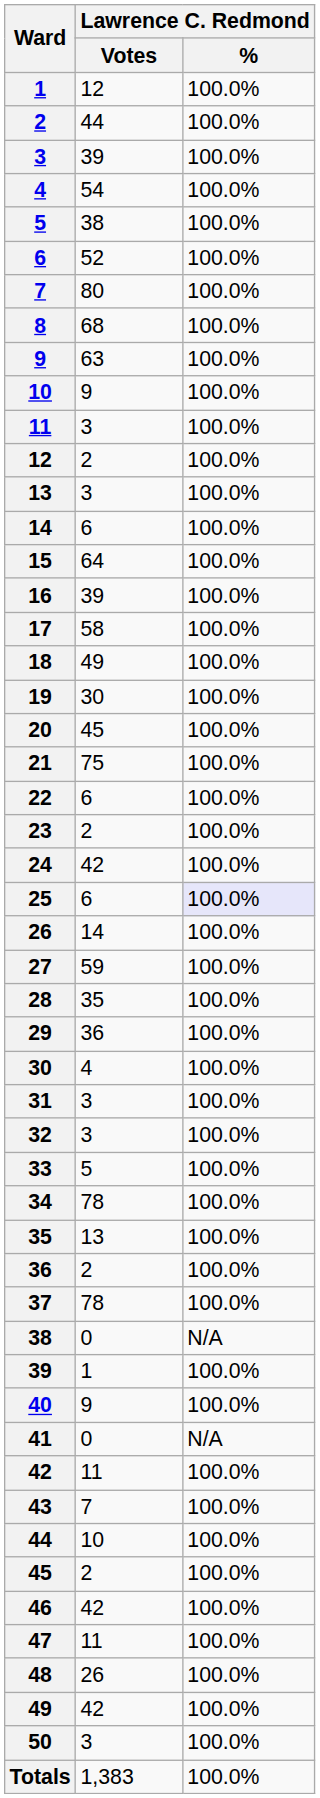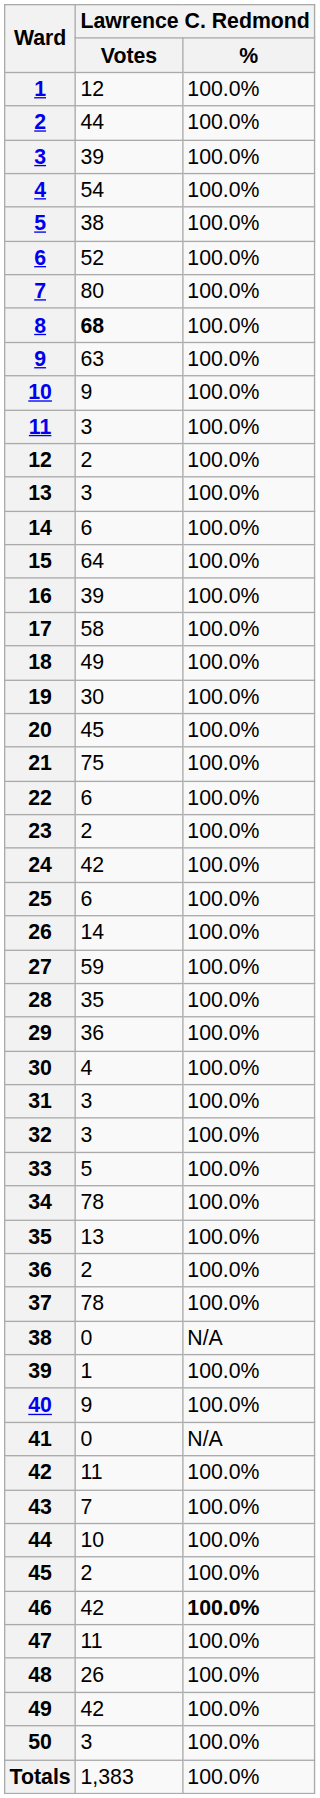 <table class="wikitable collapsible collapsed sortable">
 <tr>
 <th rowspan=2>Ward</th>
 <th colspan=2>Lawrence C. Redmond</th>
 </tr>
 <tr>
 <th>Votes</th>
 <th>%</th>
 </tr>
 <tr>
 <th><a href='#'>1</a></th>
 <td>12</td>
 <td>100.0%</td>
 </tr>
 <tr>
 <th><a href='#'>2</a></th>
 <td>44</td>
 <td>100.0%</td>
 </tr>
 <tr>
 <th><a href='#'>3</a></th>
 <td>39</td>
 <td>100.0%</td>
 </tr>
 <tr>
 <th><a href='#'>4</a></th>
 <td>54</td>
 <td>100.0%</td>
 </tr>
 <tr>
 <th><a href='#'>5</a></th>
 <td>38</td>
 <td>100.0%</td>
 </tr>
 <tr>
 <th><a href='#'>6</a></th>
 <td>52</td>
 <td>100.0%</td>
 </tr>
 <tr>
 <th><a href='#'>7</a></th>
 <td>80</td>
 <td>100.0%</td>
 </tr>
 <tr>
 <th><a href='#'>8</a></th>
-<td>68</td>
+<td><strong>68</strong></td>
 <td>100.0%</td>
 </tr>
 <tr>
 <th><a href='#'>9</a></th>
 <td>63</td>
 <td>100.0%</td>
 </tr>
 <tr>
 <th><a href='#'>10</a></th>
 <td>9</td>
 <td>100.0%</td>
 </tr>
 <tr>
 <th><a href='#'>11</a></th>
 <td>3</td>
 <td>100.0%</td>
 </tr>
 <tr>
 <th>12</th>
 <td>2</td>
 <td>100.0%</td>
 </tr>
 <tr>
 <th>13</th>
 <td>3</td>
 <td>100.0%</td>
 </tr>
 <tr>
 <th>14</th>
 <td>6</td>
 <td>100.0%</td>
 </tr>
 <tr>
 <th>15</th>
 <td>64</td>
 <td>100.0%</td>
 </tr>
 <tr>
 <th>16</th>
 <td>39</td>
 <td>100.0%</td>
 </tr>
 <tr>
 <th>17</th>
 <td>58</td>
 <td>100.0%</td>
 </tr>
 <tr>
 <th>18</th>
 <td>49</td>
 <td>100.0%</td>
 </tr>
 <tr>
 <th>19</th>
 <td>30</td>
 <td>100.0%</td>
 </tr>
 <tr>
 <th>20</th>
 <td>45</td>
 <td>100.0%</td>
 </tr>
 <tr>
 <th>21</th>
 <td>75</td>
 <td>100.0%</td>
 </tr>
 <tr>
 <th>22</th>
 <td>6</td>
 <td>100.0%</td>
 </tr>
 <tr>
 <th>23</th>
 <td>2</td>
 <td>100.0%</td>
 </tr>
 <tr>
 <th>24</th>
 <td>42</td>
 <td>100.0%</td>
 </tr>
 <tr>
 <th>25</th>
 <td>6</td>
-<td style="background: lavender;">100.0%</td>
+<td>100.0%</td>
 </tr>
 <tr>
 <th>26</th>
 <td>14</td>
 <td>100.0%</td>
 </tr>
 <tr>
 <th>27</th>
 <td>59</td>
 <td>100.0%</td>
 </tr>
 <tr>
 <th>28</th>
 <td>35</td>
 <td>100.0%</td>
 </tr>
 <tr>
 <th>29</th>
 <td>36</td>
 <td>100.0%</td>
 </tr>
 <tr>
 <th>30</th>
 <td>4</td>
 <td>100.0%</td>
 </tr>
 <tr>
 <th>31</th>
 <td>3</td>
 <td>100.0%</td>
 </tr>
 <tr>
 <th>32</th>
 <td>3</td>
 <td>100.0%</td>
 </tr>
 <tr>
 <th>33</th>
 <td>5</td>
 <td>100.0%</td>
 </tr>
 <tr>
 <th>34</th>
 <td>78</td>
 <td>100.0%</td>
 </tr>
 <tr>
 <th>35</th>
 <td>13</td>
 <td>100.0%</td>
 </tr>
 <tr>
 <th>36</th>
 <td>2</td>
 <td>100.0%</td>
 </tr>
 <tr>
 <th>37</th>
 <td>78</td>
 <td>100.0%</td>
 </tr>
 <tr>
 <th>38</th>
 <td>0</td>
 <td>N/A</td>
 </tr>
 <tr>
 <th>39</th>
 <td>1</td>
 <td>100.0%</td>
 </tr>
 <tr>
 <th><a href='#'>40</a></th>
 <td>9</td>
 <td>100.0%</td>
 </tr>
 <tr>
 <th>41</th>
 <td>0</td>
 <td>N/A</td>
 </tr>
 <tr>
 <th>42</th>
 <td>11</td>
 <td>100.0%</td>
 </tr>
 <tr>
 <th>43</th>
 <td>7</td>
 <td>100.0%</td>
 </tr>
 <tr>
 <th>44</th>
 <td>10</td>
 <td>100.0%</td>
 </tr>
 <tr>
 <th>45</th>
 <td>2</td>
 <td>100.0%</td>
 </tr>
 <tr>
 <th>46</th>
 <td>42</td>
-<td>100.0%</td>
+<td><strong>100.0%</strong></td>
 </tr>
 <tr>
 <th>47</th>
 <td>11</td>
 <td>100.0%</td>
 </tr>
 <tr>
 <th>48</th>
 <td>26</td>
 <td>100.0%</td>
 </tr>
 <tr>
 <th>49</th>
 <td>42</td>
 <td>100.0%</td>
 </tr>
 <tr>
 <th>50</th>
 <td>3</td>
 <td>100.0%</td>
 </tr>
 <tr>
 <th>Totals</th>
 <td>1,383</td>
 <td>100.0%</td>
 </tr>
 </table>
